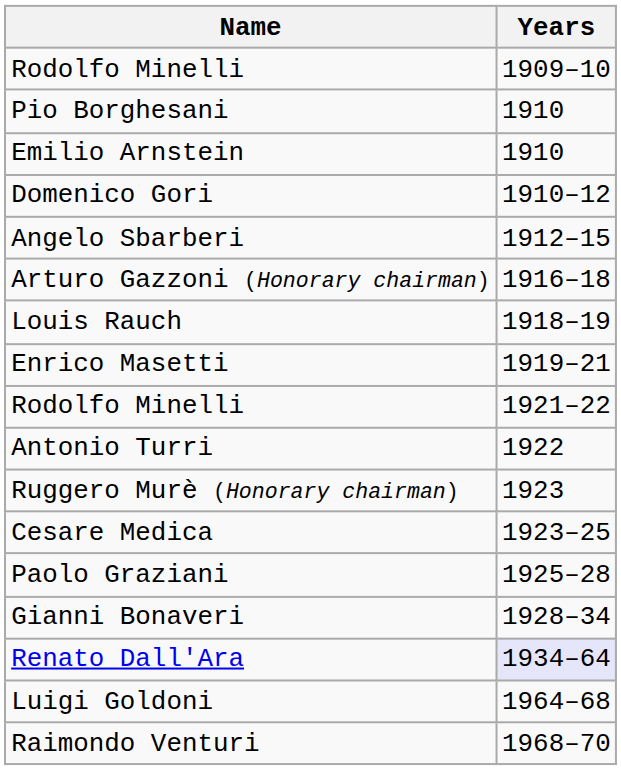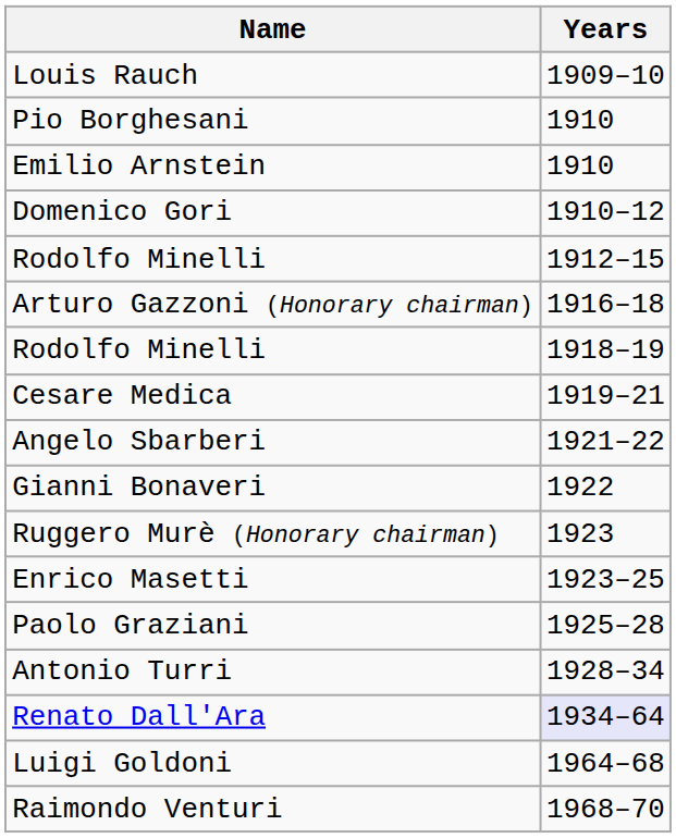 <table class="wikitable" style="float:left; margin-right:1em;">
 <tr>
 <th>Name</th>
 <th>Years</th>
 </tr>
 <tr>
-<td>Rodolfo Minelli</td>
+<td>Louis Rauch</td>
 <td>1909–10</td>
 </tr>
 <tr>
 <td>Pio Borghesani</td>
 <td>1910</td>
 </tr>
 <tr>
 <td>Emilio Arnstein</td>
 <td>1910</td>
 </tr>
 <tr>
 <td>Domenico Gori</td>
 <td>1910–12</td>
 </tr>
 <tr>
-<td>Angelo Sbarberi</td>
+<td>Rodolfo Minelli</td>
 <td>1912–15</td>
 </tr>
 <tr>
 <td>Arturo Gazzoni <small>(<em>Honorary chairman</em>)</small></td>
 <td>1916–18</td>
 </tr>
 <tr>
-<td>Louis Rauch</td>
+<td>Rodolfo Minelli</td>
 <td>1918–19</td>
 </tr>
 <tr>
-<td>Enrico Masetti</td>
+<td>Cesare Medica</td>
 <td>1919–21</td>
 </tr>
 <tr>
-<td>Rodolfo Minelli</td>
+<td>Angelo Sbarberi</td>
 <td>1921–22</td>
 </tr>
 <tr>
-<td>Antonio Turri</td>
+<td>Gianni Bonaveri</td>
 <td>1922</td>
 </tr>
 <tr>
 <td>Ruggero Murè <small>(<em>Honorary chairman</em>)</small></td>
 <td>1923</td>
 </tr>
 <tr>
-<td>Cesare Medica</td>
+<td>Enrico Masetti</td>
 <td>1923–25</td>
 </tr>
 <tr>
 <td>Paolo Graziani</td>
 <td>1925–28</td>
 </tr>
 <tr>
-<td>Gianni Bonaveri</td>
+<td>Antonio Turri</td>
 <td>1928–34</td>
 </tr>
 <tr>
 <td><a href='#'>Renato Dall'Ara</a></td>
 <td style="background: lavender;">1934–64</td>
 </tr>
 <tr>
 <td>Luigi Goldoni</td>
 <td>1964–68</td>
 </tr>
 <tr>
 <td>Raimondo Venturi</td>
 <td>1968–70</td>
 </tr>
 </table>
